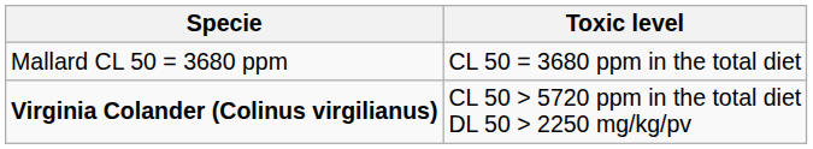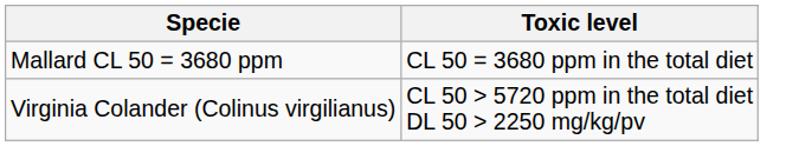 <table class="wikitable">
 <tr>
 <th>Specie</th>
 <th>Toxic level</th>
 </tr>
 <tr>
 <td>Mallard CL 50 = 3680 ppm</td>
 <td>CL 50 = 3680 ppm in the total diet</td>
 </tr>
 <tr>
-<td><strong>Virginia Colander (Colinus virgilianus)</strong></td>
+<td>Virginia Colander (Colinus virgilianus)</td>
 <td>CL 50 > 5720 ppm in the total diet<br>DL 50 > 2250 mg/kg/pv</td>
 </tr>
 </table>
